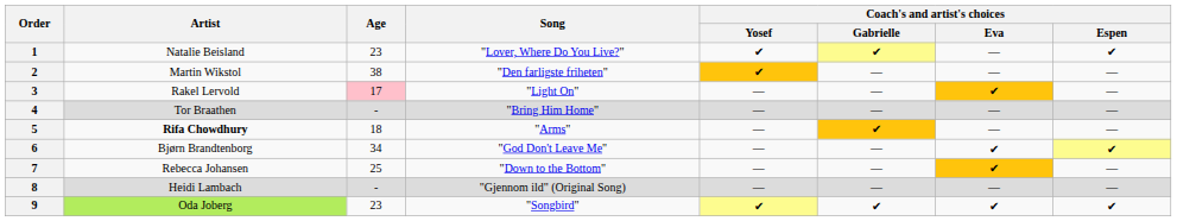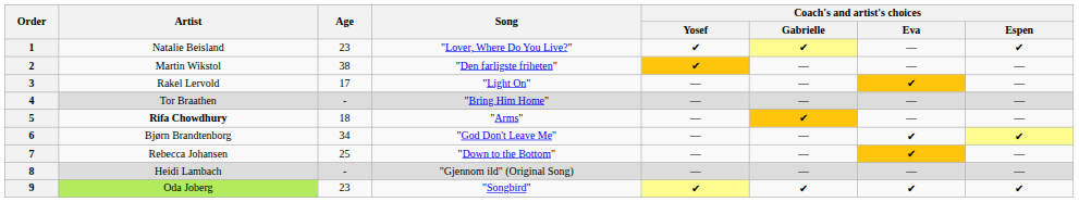 <table class="wikitable" style="text-align:center; width:100%;">
 <tr>
 <th scope="col" rowspan="2" style="width:05%;">Order</th>
 <th scope="col" rowspan="2" style="width:24%;">Artist</th>
 <th scope="col" rowspan="2" style="width:05%">Age</th>
 <th rowspan="2" scope="col" style="width:25%">Song</th>
 <th colspan="4" style="width:40%;">Coach's and artist's choices</th>
 </tr>
 <tr>
 <th style="width:10%;">Yosef</th>
 <th style="width:10%;">Gabrielle</th>
 <th style="width:10%;">Eva</th>
 <th style="width:10%;">Espen</th>
 </tr>
 <tr>
 <th>1</th>
 <td>Natalie Beisland</td>
 <td>23</td>
 <td>"<a href='#'>Lover, Where Do You Live?</a>"</td>
 <td>✔</td>
 <td Style="background-color:#FDFC8F;">✔</td>
 <td>—</td>
 <td>✔</td>
 </tr>
 <tr>
 <th>2</th>
 <td>Martin Wikstol</td>
 <td>38</td>
 <td>"<a href='#'>Den farligste friheten</a>"</td>
 <td style="background-color:#FFC40C;">✔</td>
 <td>—</td>
 <td>—</td>
 <td>—</td>
 </tr>
 <tr>
 <th>3</th>
 <td>Rakel Lervold</td>
-<td style="background: pink;">17</td>
+<td>17</td>
 <td>"<a href='#'>Light On</a>"</td>
 <td>—</td>
 <td>—</td>
 <td style="background-color:#FFC40C;">✔</td>
 <td>—</td>
 </tr>
 <tr style="background-color:#DCDCDC;"|>
 <th>4</th>
 <td>Tor Braathen</td>
 <td>-</td>
 <td>"<a href='#'>Bring Him Home</a>"</td>
 <td>—</td>
 <td>—</td>
 <td>—</td>
 <td>—</td>
 </tr>
 <tr>
 <th>5</th>
 <td><strong>Rifa Chowdhury</strong></td>
 <td>18</td>
 <td>"<a href='#'>Arms</a>"</td>
 <td>—</td>
 <td style="background-color:#FFC40C;">✔</td>
 <td>—</td>
 <td>—</td>
 </tr>
 <tr>
 <th>6</th>
 <td>Bjørn Brandtenborg</td>
 <td>34</td>
 <td>"<a href='#'>God Don't Leave Me</a>"</td>
 <td>—</td>
 <td>—</td>
 <td>✔</td>
 <td Style="background-color:#FDFC8F;">✔</td>
 </tr>
 <tr>
 <th>7</th>
 <td>Rebecca Johansen</td>
 <td>25</td>
 <td>"<a href='#'>Down to the Bottom</a>"</td>
 <td>—</td>
 <td>—</td>
 <td style="background-color:#FFC40C;">✔</td>
 <td>—</td>
 </tr>
 <tr style="background-color:#DCDCDC;"|>
 <th>8</th>
 <td>Heidi Lambach</td>
 <td>-</td>
 <td>"Gjennom ild" (Original Song)</td>
 <td>—</td>
 <td>—</td>
 <td>—</td>
 <td>—</td>
 </tr>
 <tr>
 <th>9</th>
 <td style="background-color:#B2EC5D;">Oda Joberg</td>
 <td>23</td>
 <td>"<a href='#'>Songbird</a>"</td>
 <td Style="background-color:#FDFC8F;">✔</td>
 <td>✔</td>
 <td>✔</td>
 <td>✔</td>
 </tr>
 </table>
